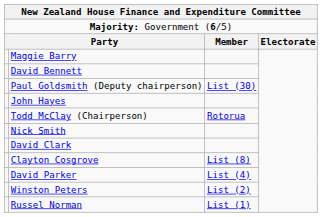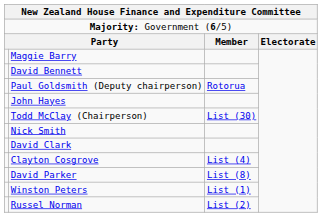 <table class="wikitable">
 <tr>
 <th colspan="4">New Zealand House Finance and Expenditure Committee</th>
 </tr>
 <tr>
 <td colspan="4" style="text-align:center; background:"><strong>Majority:</strong> Government (<strong>6</strong>/5)</td>
 </tr>
 <tr>
 <th colspan="2">Party</th>
 <th>Member</th>
 <th>Electorate</th>
 </tr>
 <tr>
 <td></td>
 <td><a href='#'>Maggie Barry</a></td>
 <td></td>
 </tr>
 <tr>
 <td></td>
 <td><a href='#'>David Bennett</a></td>
 <td></td>
 </tr>
 <tr>
 <td></td>
 <td><a href='#'>Paul Goldsmith</a> (Deputy chairperson)</td>
-<td><a href='#'>List (30)</a></td>
+<td><a href='#'>Rotorua</a></td>
 </tr>
 <tr>
 <td></td>
 <td><a href='#'>John Hayes</a></td>
 <td></td>
 </tr>
 <tr>
 <td></td>
 <td><a href='#'>Todd McClay</a> (Chairperson)</td>
-<td><a href='#'>Rotorua</a></td>
+<td><a href='#'>List (30)</a></td>
 </tr>
 <tr>
 <td></td>
 <td><a href='#'>Nick Smith</a></td>
 <td></td>
 </tr>
 <tr>
 <td></td>
 <td><a href='#'>David Clark</a></td>
 <td></td>
 </tr>
 <tr>
 <td></td>
 <td><a href='#'>Clayton Cosgrove</a></td>
+<td><a href='#'>List (4)</a></td>
+</tr>
+<tr>
+<td></td>
+<td><a href='#'>David Parker</a></td>
 <td><a href='#'>List (8)</a></td>
 </tr>
 <tr>
 <td></td>
-<td><a href='#'>David Parker</a></td>
-<td><a href='#'>List (4)</a></td>
-</tr>
-<tr>
-<td></td>
 <td><a href='#'>Winston Peters</a></td>
-<td><a href='#'>List (2)</a></td>
+<td><a href='#'>List (1)</a></td>
 </tr>
 <tr>
 <td></td>
 <td><a href='#'>Russel Norman</a></td>
-<td><a href='#'>List (1)</a></td>
+<td><a href='#'>List (2)</a></td>
 </tr>
 </table>
